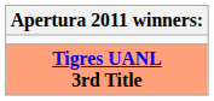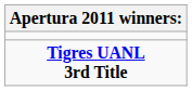 <table class="wikitable" style="text-align: center; margin: 0 auto;">
 <tr>
 <th>Apertura 2011 winners:</th>
 </tr>
 <tr>
 <td></td>
 </tr>
 <tr>
-<td style="background: lightsalmon;"><strong><a href='#'>Tigres UANL</a></strong><br><strong>3rd Title</strong></td>
+<td><strong><a href='#'>Tigres UANL</a></strong><br><strong>3rd Title</strong></td>
 </tr>
 </table>
